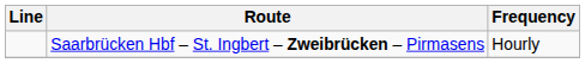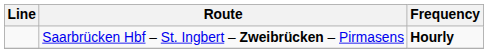 <table class="wikitable">
 <tr>
 <th>Line</th>
 <th>Route</th>
 <th>Frequency</th>
 </tr>
 <tr>
 <td></td>
 <td><a href='#'>Saarbrücken Hbf</a> – <a href='#'>St. Ingbert</a> – <strong>Zweibrücken</strong> – <a href='#'>Pirmasens</a></td>
-<td>Hourly</td>
+<td><strong>Hourly</strong></td>
 </tr>
 <tr>
 </tr>
 </table>
